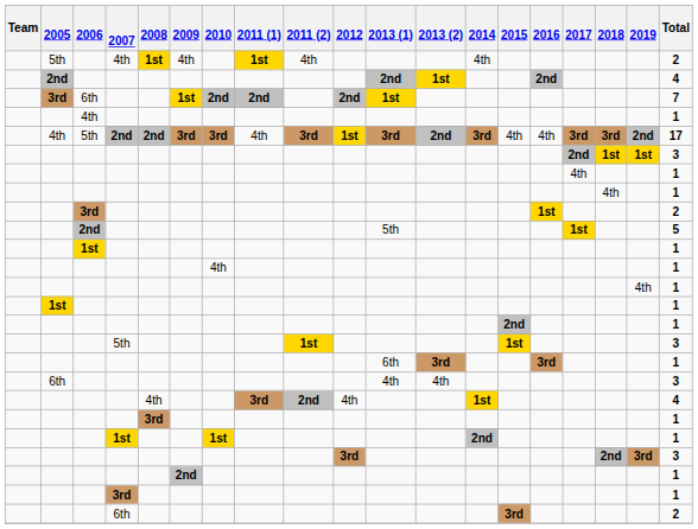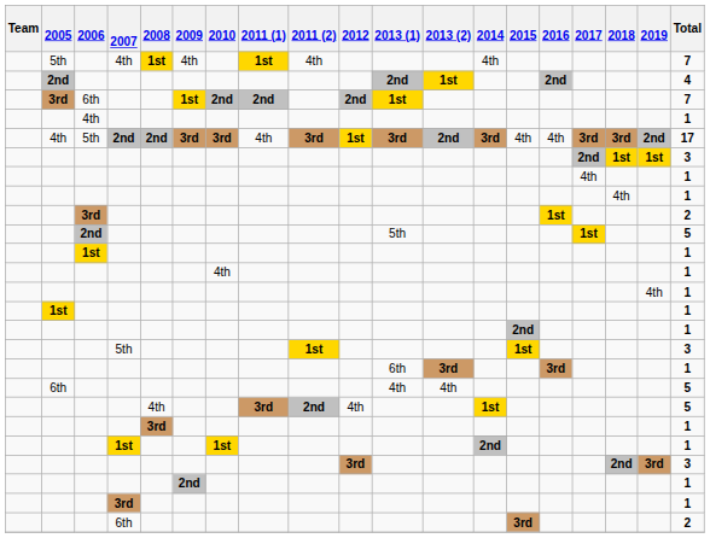 <table class="wikitable" style="text-align:center; font-size:90%">
 <tr bgcolor=>
 <th>Team</th>
 <th><br><a href='#'>2005</a></th>
 <th><br><a href='#'>2006</a></th>
 <th><br><br><a href='#'>2007</a></th>
 <th><br><a href='#'>2008</a></th>
 <th><br><a href='#'>2009</a></th>
 <th><br><a href='#'>2010</a></th>
 <th><br><a href='#'>2011 (1)</a></th>
 <th><br><a href='#'>2011 (2)</a></th>
 <th><br><a href='#'>2012</a></th>
 <th><br><a href='#'>2013 (1)</a></th>
 <th><br><a href='#'>2013 (2)</a></th>
 <th><br><a href='#'>2014</a></th>
 <th><br><a href='#'>2015</a></th>
 <th><br><a href='#'>2016</a></th>
 <th><br><a href='#'>2017</a></th>
 <th><br><a href='#'>2018</a></th>
 <th><br><a href='#'>2019</a></th>
 <th>Total</th>
 </tr>
 <tr>
 <td align=left></td>
 <td>5th</td>
 <td></td>
 <td>4th</td>
 <td bgcolor=gold><strong>1st</strong></td>
 <td>4th</td>
 <td></td>
 <td bgcolor=gold><strong>1st</strong></td>
 <td>4th</td>
 <td></td>
 <td></td>
 <td></td>
 <td>4th</td>
 <td></td>
 <td></td>
 <td></td>
 <td></td>
 <td></td>
-<td><strong>2</strong></td>
+<td><strong>7</strong></td>
 </tr>
 <tr>
 <td align=left></td>
 <td bgcolor=silver><strong>2nd</strong></td>
 <td></td>
 <td></td>
 <td></td>
 <td></td>
 <td></td>
 <td></td>
 <td></td>
 <td></td>
 <td bgcolor=silver><strong>2nd</strong></td>
 <td bgcolor=gold><strong>1st</strong></td>
 <td></td>
 <td></td>
 <td bgcolor=silver><strong>2nd</strong></td>
 <td></td>
 <td></td>
 <td></td>
 <td><strong>4</strong></td>
 </tr>
 <tr>
 <td align=left></td>
 <td bgcolor=cc9966><strong>3rd</strong></td>
 <td>6th</td>
 <td></td>
 <td></td>
 <td bgcolor=gold><strong>1st</strong></td>
 <td bgcolor=silver><strong>2nd</strong></td>
 <td bgcolor=silver><strong>2nd</strong></td>
 <td></td>
 <td bgcolor=silver><strong>2nd</strong></td>
 <td bgcolor=gold><strong>1st</strong></td>
 <td></td>
 <td></td>
 <td></td>
 <td></td>
 <td></td>
 <td></td>
 <td></td>
 <td><strong>7</strong></td>
 </tr>
 <tr>
 <td align=left></td>
 <td></td>
 <td>4th</td>
 <td></td>
 <td></td>
 <td></td>
 <td></td>
 <td></td>
 <td></td>
 <td></td>
 <td></td>
 <td></td>
 <td></td>
 <td></td>
 <td></td>
 <td></td>
 <td></td>
 <td></td>
 <td><strong>1</strong></td>
 </tr>
 <tr>
 <td align=left></td>
 <td>4th</td>
 <td>5th</td>
 <td bgcolor=silver><strong>2nd</strong></td>
 <td bgcolor=silver><strong>2nd</strong></td>
 <td bgcolor=cc9966><strong>3rd</strong></td>
 <td bgcolor=cc9966><strong>3rd</strong></td>
 <td>4th</td>
 <td bgcolor=cc9966><strong>3rd</strong></td>
 <td bgcolor=gold><strong>1st</strong></td>
 <td bgcolor=cc9966><strong>3rd</strong></td>
 <td bgcolor=silver><strong>2nd</strong></td>
 <td bgcolor=cc9966><strong>3rd</strong></td>
 <td>4th</td>
 <td>4th</td>
 <td bgcolor=cc9966><strong>3rd</strong></td>
 <td bgcolor=cc9966><strong>3rd</strong></td>
 <td bgcolor=silver><strong>2nd</strong></td>
 <td><strong>17</strong></td>
 </tr>
 <tr>
 <td align=left></td>
 <td></td>
 <td></td>
 <td></td>
 <td></td>
 <td></td>
 <td></td>
 <td></td>
 <td></td>
 <td></td>
 <td></td>
 <td></td>
 <td></td>
 <td></td>
 <td></td>
 <td bgcolor=silver><strong>2nd</strong></td>
 <td bgcolor=gold><strong>1st</strong></td>
 <td bgcolor=gold><strong>1st</strong></td>
 <td><strong>3</strong></td>
 </tr>
 <tr>
 <td align=left></td>
 <td></td>
 <td></td>
 <td></td>
 <td></td>
 <td></td>
 <td></td>
 <td></td>
 <td></td>
 <td></td>
 <td></td>
 <td></td>
 <td></td>
 <td></td>
 <td></td>
 <td>4th</td>
 <td></td>
 <td></td>
 <td><strong>1</strong></td>
 </tr>
 <tr>
 <td align=left></td>
 <td></td>
 <td></td>
 <td></td>
 <td></td>
 <td></td>
 <td></td>
 <td></td>
 <td></td>
 <td></td>
 <td></td>
 <td></td>
 <td></td>
 <td></td>
 <td></td>
 <td></td>
 <td>4th</td>
 <td></td>
 <td><strong>1</strong></td>
 </tr>
 <tr>
 <td align=left></td>
 <td></td>
 <td bgcolor=cc9966><strong>3rd</strong></td>
 <td></td>
 <td></td>
 <td></td>
 <td></td>
 <td></td>
 <td></td>
 <td></td>
 <td></td>
 <td></td>
 <td></td>
 <td></td>
 <td bgcolor=gold><strong>1st</strong></td>
 <td></td>
 <td></td>
 <td></td>
 <td><strong>2</strong></td>
 </tr>
 <tr>
 <td align=left></td>
 <td></td>
 <td bgcolor=silver><strong>2nd</strong></td>
 <td></td>
 <td></td>
 <td></td>
 <td></td>
 <td></td>
 <td></td>
 <td></td>
 <td>5th</td>
 <td></td>
 <td></td>
 <td></td>
 <td></td>
 <td bgcolor=gold><strong>1st</strong></td>
 <td></td>
 <td></td>
 <td><strong>5</strong></td>
 </tr>
 <tr>
 <td align=left></td>
 <td></td>
 <td bgcolor=gold><strong>1st</strong></td>
 <td></td>
 <td></td>
 <td></td>
 <td></td>
 <td></td>
 <td></td>
 <td></td>
 <td></td>
 <td></td>
 <td></td>
 <td></td>
 <td></td>
 <td></td>
 <td></td>
 <td></td>
 <td><strong>1</strong></td>
 </tr>
 <tr>
 <td align=left></td>
 <td></td>
 <td></td>
 <td></td>
 <td></td>
 <td></td>
 <td>4th</td>
 <td></td>
 <td></td>
 <td></td>
 <td></td>
 <td></td>
 <td></td>
 <td></td>
 <td></td>
 <td></td>
 <td></td>
 <td></td>
 <td><strong>1</strong></td>
 </tr>
 <tr>
 <td align=left></td>
 <td></td>
 <td></td>
 <td></td>
 <td></td>
 <td></td>
 <td></td>
 <td></td>
 <td></td>
 <td></td>
 <td></td>
 <td></td>
 <td></td>
 <td></td>
 <td></td>
 <td></td>
 <td></td>
 <td>4th</td>
 <td><strong>1</strong></td>
 </tr>
 <tr>
 <td align=left></td>
 <td bgcolor=gold><strong>1st</strong></td>
 <td></td>
 <td></td>
 <td></td>
 <td></td>
 <td></td>
 <td></td>
 <td></td>
 <td></td>
 <td></td>
 <td></td>
 <td></td>
 <td></td>
 <td></td>
 <td></td>
 <td></td>
 <td></td>
 <td><strong>1</strong></td>
 </tr>
 <tr>
 <td align=left></td>
 <td></td>
 <td></td>
 <td></td>
 <td></td>
 <td></td>
 <td></td>
 <td></td>
 <td></td>
 <td></td>
 <td></td>
 <td></td>
 <td></td>
 <td bgcolor=silver><strong>2nd</strong></td>
 <td></td>
 <td></td>
 <td></td>
 <td></td>
 <td><strong>1</strong></td>
 </tr>
 <tr>
 <td align=left></td>
 <td></td>
 <td></td>
 <td>5th</td>
 <td></td>
 <td></td>
 <td></td>
 <td></td>
 <td bgcolor=gold><strong>1st</strong></td>
 <td></td>
 <td></td>
 <td></td>
 <td></td>
 <td bgcolor=gold><strong>1st</strong></td>
 <td></td>
 <td></td>
 <td></td>
 <td></td>
 <td><strong>3</strong></td>
 </tr>
 <tr>
 <td align=left></td>
 <td></td>
 <td></td>
 <td></td>
 <td></td>
 <td></td>
 <td></td>
 <td></td>
 <td></td>
 <td></td>
 <td>6th</td>
 <td bgcolor=cc9966><strong>3rd</strong></td>
 <td></td>
 <td></td>
 <td bgcolor=cc9966><strong>3rd</strong></td>
 <td></td>
 <td></td>
 <td></td>
 <td><strong>1</strong></td>
 </tr>
 <tr>
 <td align=left></td>
 <td>6th</td>
 <td></td>
 <td></td>
 <td></td>
 <td></td>
 <td></td>
 <td></td>
 <td></td>
 <td></td>
 <td>4th</td>
 <td>4th</td>
 <td></td>
 <td></td>
 <td></td>
 <td></td>
 <td></td>
 <td></td>
-<td><strong>3</strong></td>
+<td><strong>5</strong></td>
 </tr>
 <tr>
 <td align=left></td>
 <td></td>
 <td></td>
 <td></td>
 <td>4th</td>
 <td></td>
 <td></td>
 <td bgcolor=cc9966><strong>3rd</strong></td>
 <td bgcolor=silver><strong>2nd</strong></td>
 <td>4th</td>
 <td></td>
 <td></td>
 <td bgcolor=gold><strong>1st</strong></td>
 <td></td>
 <td></td>
 <td></td>
 <td></td>
 <td></td>
-<td><strong>4</strong></td>
+<td><strong>5</strong></td>
 </tr>
 <tr>
 <td align=left></td>
 <td></td>
 <td></td>
 <td></td>
 <td bgcolor=cc9966><strong>3rd</strong></td>
 <td></td>
 <td></td>
 <td></td>
 <td></td>
 <td></td>
 <td></td>
 <td></td>
 <td></td>
 <td></td>
 <td></td>
 <td></td>
 <td></td>
 <td></td>
 <td><strong>1</strong></td>
 </tr>
 <tr>
 <td align=left></td>
 <td></td>
 <td></td>
 <td bgcolor=gold><strong>1st</strong></td>
 <td></td>
 <td></td>
 <td bgcolor=gold><strong>1st</strong></td>
 <td></td>
 <td></td>
 <td></td>
 <td></td>
 <td></td>
 <td bgcolor=silver><strong>2nd</strong></td>
 <td></td>
 <td></td>
 <td></td>
 <td></td>
 <td></td>
 <td><strong>1</strong></td>
 </tr>
 <tr>
 <td align=left></td>
 <td></td>
 <td></td>
 <td></td>
 <td></td>
 <td></td>
 <td></td>
 <td></td>
 <td></td>
 <td bgcolor=cc9966><strong>3rd</strong></td>
 <td></td>
 <td></td>
 <td></td>
 <td></td>
 <td></td>
 <td></td>
 <td bgcolor=silver><strong>2nd</strong></td>
 <td bgcolor=cc9966><strong>3rd</strong></td>
 <td><strong>3</strong></td>
 </tr>
 <tr>
 <td align=left></td>
 <td></td>
 <td></td>
 <td></td>
 <td></td>
 <td bgcolor=silver><strong>2nd</strong></td>
 <td></td>
 <td></td>
 <td></td>
 <td></td>
 <td></td>
 <td></td>
 <td></td>
 <td></td>
 <td></td>
 <td></td>
 <td></td>
 <td></td>
 <td><strong>1</strong></td>
 </tr>
 <tr>
 <td align=left></td>
 <td></td>
 <td></td>
 <td bgcolor=cc9966><strong>3rd</strong></td>
 <td></td>
 <td></td>
 <td></td>
 <td></td>
 <td></td>
 <td></td>
 <td></td>
 <td></td>
 <td></td>
 <td></td>
 <td></td>
 <td></td>
 <td></td>
 <td></td>
 <td><strong>1</strong></td>
 </tr>
 <tr>
 <td align=left></td>
 <td></td>
 <td></td>
 <td>6th</td>
 <td></td>
 <td></td>
 <td></td>
 <td></td>
 <td></td>
 <td></td>
 <td></td>
 <td></td>
 <td></td>
 <td bgcolor=cc9966><strong>3rd</strong></td>
 <td></td>
 <td></td>
 <td></td>
 <td></td>
 <td><strong>2</strong></td>
 </tr>
 <tr>
 </tr>
 </table>
